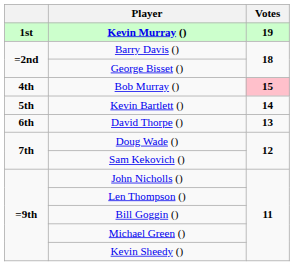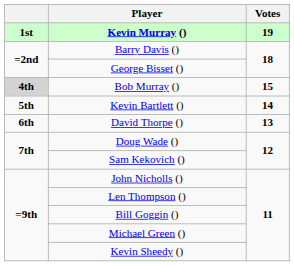 <table class="wikitable" style="text-align: center; font-size: 90%;">
 <tr>
 <th width="50"></th>
 <th width="250">Player</th>
 <th width="50">Votes</th>
 </tr>
 <tr style="background: #CCFFCC; font-weight: bold;" |>
 <td><strong>1st</strong></td>
 <td><a href='#'>Kevin Murray</a> ()</td>
 <td><strong>19</strong></td>
 </tr>
 <tr>
 <td rowspan=2><strong>=2nd</strong></td>
 <td><a href='#'>Barry Davis</a> ()</td>
 <td rowspan=2><strong>18</strong></td>
 </tr>
 <tr>
 <td><a href='#'>George Bisset</a> ()</td>
 </tr>
 <tr>
-<td><strong>4th</strong></td>
+<td style="background: lightgrey;"><strong>4th</strong></td>
 <td><a href='#'>Bob Murray</a> ()</td>
-<td style="background: pink;"><strong>15</strong></td>
+<td><strong>15</strong></td>
 </tr>
 <tr>
 <td><strong>5th</strong></td>
 <td><a href='#'>Kevin Bartlett</a> ()</td>
 <td><strong>14</strong></td>
 </tr>
 <tr>
 <td><strong>6th</strong></td>
 <td><a href='#'>David Thorpe</a> ()</td>
 <td><strong>13</strong></td>
 </tr>
 <tr>
 <td rowspan=2><strong>7th</strong></td>
 <td><a href='#'>Doug Wade</a> ()</td>
 <td rowspan=2><strong>12</strong></td>
 </tr>
 <tr>
 <td><a href='#'>Sam Kekovich</a> ()</td>
 </tr>
 <tr>
 <td rowspan=5><strong>=9th</strong></td>
 <td><a href='#'>John Nicholls</a> ()</td>
 <td rowspan=5><strong>11</strong></td>
 </tr>
 <tr>
 <td><a href='#'>Len Thompson</a> ()</td>
 </tr>
 <tr>
 <td><a href='#'>Bill Goggin</a> ()</td>
 </tr>
 <tr>
 <td><a href='#'>Michael Green</a> ()</td>
 </tr>
 <tr>
 <td><a href='#'>Kevin Sheedy</a> ()</td>
 </tr>
 </table>
